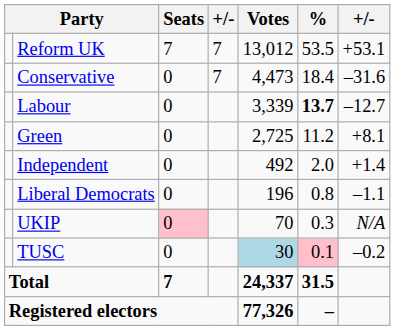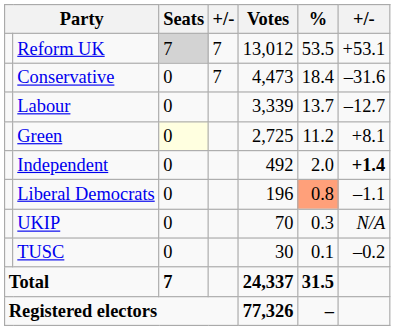 <table class="wikitable sortable">
 <tr>
 <th colspan="2">Party</th>
 <th>Seats</th>
 <th>+/-</th>
 <th>Votes</th>
 <th>%</th>
 <th>+/-</th>
 </tr>
 <tr>
 <td style="background-color: "></td>
 <td><a href='#'>Reform UK</a></td>
-<td>7</td>
+<td style="background: lightgrey;">7</td>
 <td> 7</td>
 <td style="text-align:right;">13,012</td>
 <td style="text-align:right;">53.5</td>
 <td style="text-align:right;">+53.1</td>
 </tr>
 <tr>
 <td style="background-color: "></td>
 <td><a href='#'>Conservative</a></td>
 <td>0</td>
 <td> 7</td>
 <td style="text-align:right;">4,473</td>
 <td style="text-align:right;">18.4</td>
 <td style="text-align:right;">–31.6</td>
 </tr>
 <tr>
 <td style="background-color: "></td>
 <td><a href='#'>Labour</a></td>
 <td>0</td>
 <td></td>
 <td style="text-align:right;">3,339</td>
-<td style="text-align:right;"><strong>13.7</strong></td>
+<td style="text-align:right;">13.7</td>
 <td style="text-align:right;">–12.7</td>
 </tr>
 <tr>
 <td style="background-color: "></td>
 <td><a href='#'>Green</a></td>
-<td>0</td>
+<td style="background: lightyellow;">0</td>
 <td></td>
 <td style="text-align:right;">2,725</td>
 <td style="text-align:right;">11.2</td>
 <td style="text-align:right;">+8.1</td>
 </tr>
 <tr>
 <td style="background-color: "></td>
 <td><a href='#'>Independent</a></td>
 <td>0</td>
 <td></td>
 <td style="text-align:right;">492</td>
 <td style="text-align:right;">2.0</td>
-<td style="text-align:right;">+1.4</td>
+<td style="text-align:right;"><strong>+1.4</strong></td>
 </tr>
 <tr>
 <td style="background-color: "></td>
 <td><a href='#'>Liberal Democrats</a></td>
 <td>0</td>
 <td></td>
 <td style="text-align:right;">196</td>
-<td style="text-align:right;">0.8</td>
+<td style="background: lightsalmon; text-align:right;">0.8</td>
 <td style="text-align:right;">–1.1</td>
 </tr>
 <tr>
 <td style="background-color: "></td>
 <td><a href='#'>UKIP</a></td>
-<td style="background: pink;">0</td>
+<td>0</td>
 <td></td>
 <td style="text-align:right;">70</td>
 <td style="text-align:right;">0.3</td>
 <td style="text-align:right;"><em>N/A</em></td>
 </tr>
 <tr>
 <td style="background-color: "></td>
 <td><a href='#'>TUSC</a></td>
 <td>0</td>
 <td></td>
-<td style="background: lightblue; text-align:right;">30</td>
-<td style="background: pink; text-align:right;">0.1</td>
+<td style="text-align:right;">30</td>
+<td style="text-align:right;">0.1</td>
 <td style="text-align:right;">–0.2</td>
 </tr>
 <tr>
 <td colspan="2"><strong>Total</strong></td>
 <td><strong>7</strong></td>
 <td></td>
 <td style="text-align:right;"><strong>24,337</strong></td>
 <td style="text-align:right;"><strong>31.5</strong></td>
 <td style="text-align:right;"></td>
 </tr>
 <tr>
 <td colspan="4"><strong>Registered electors</strong></td>
 <td style="text-align:right;"><strong>77,326</strong></td>
 <td style="text-align:right;"><strong>–</strong></td>
 <td style="text-align:right;"></td>
 </tr>
 </table>
